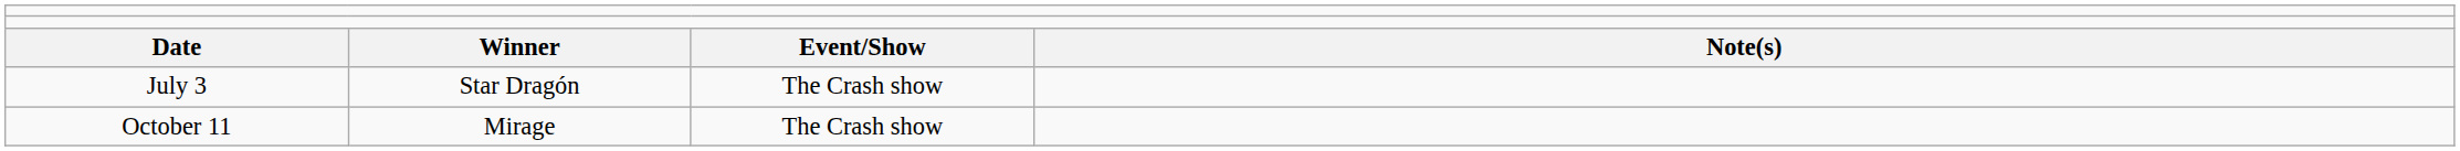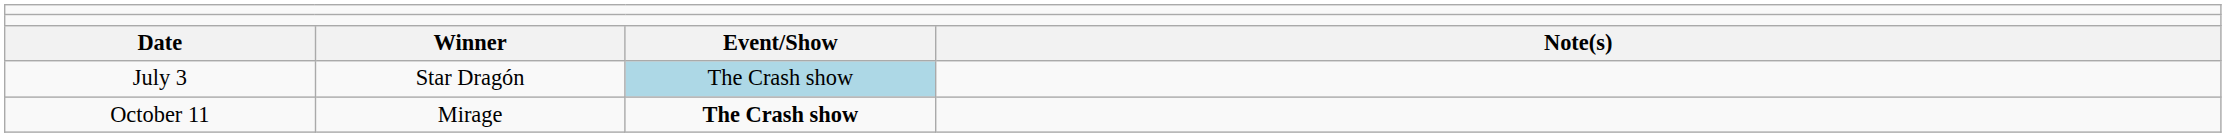 <table class="wikitable" style="text-align:center; width:100%;">
 <tr>
 <td colspan="5"></td>
 </tr>
 <tr>
 <td colspan="5"><strong></strong></td>
 </tr>
 <tr>
 <th width=14%>Date</th>
 <th width=14%>Winner</th>
 <th width=14%>Event/Show</th>
 <th width=58%>Note(s)</th>
 </tr>
 <tr>
 <td>July 3</td>
 <td>Star Dragón</td>
-<td>The Crash show</td>
+<td style="background: lightblue;">The Crash show</td>
 <td align=left></td>
 </tr>
 <tr>
 <td>October 11</td>
 <td>Mirage</td>
-<td>The Crash show</td>
+<td><strong>The Crash show</strong></td>
 <td align=left></td>
 </tr>
 </table>
